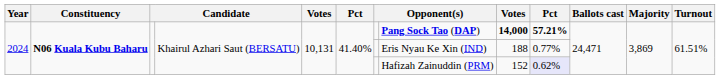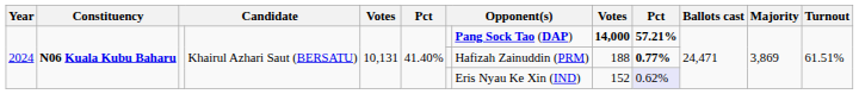 <table class="wikitable" style="margin:0.5em ; font-size:95%">
 <tr>
 <th>Year</th>
 <th>Constituency</th>
 <th colspan=2>Candidate</th>
 <th>Votes</th>
 <th>Pct</th>
 <th colspan=2>Opponent(s)</th>
 <th>Votes</th>
 <th>Pct</th>
 <th>Ballots cast</th>
 <th>Majority</th>
 <th>Turnout</th>
 </tr>
 <tr>
 <td rowspan=3><a href='#'>2024</a></td>
 <td rowspan=3><strong>N06 <a href='#'>Kuala Kubu Baharu</a></strong></td>
 <td rowspan=3 bgcolor=></td>
 <td rowspan=3>Khairul Azhari Saut (<a href='#'>BERSATU</a>)</td>
 <td rowspan=3 align=right>10,131</td>
 <td rowspan=3>41.40%</td>
 <td></td>
 <td><strong><a href='#'>Pang Sock Tao</a></strong> (<a href='#'><strong>DAP</strong></a>)</td>
 <td align=right><strong>14,000</strong></td>
 <td><strong>57.21%</strong></td>
 <td rowspan=3>24,471</td>
 <td rowspan=3>3,869</td>
 <td rowspan=3>61.51%</td>
 </tr>
 <tr>
 <td></td>
-<td>Eris Nyau Ke Xin (<a href='#'>IND</a>)</td>
+<td>Hafizah Zainuddin (<a href='#'>PRM</a>)</td>
 <td align=right>188</td>
-<td>0.77%</td>
+<td><strong>0.77%</strong></td>
 </tr>
 <tr>
 <td bgcolor=></td>
-<td>Hafizah Zainuddin (<a href='#'>PRM</a>)</td>
+<td>Eris Nyau Ke Xin (<a href='#'>IND</a>)</td>
 <td align=right>152</td>
 <td style="background: lavender;">0.62%</td>
 </tr>
 </table>
